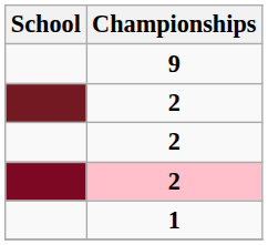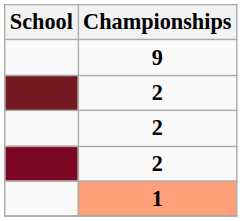 <table class="wikitable sortable" style="text-align:center">
 <tr>
 <th>School</th>
 <th>Championships</th>
 </tr>
 <tr>
 <td><strong><a href='#'></a></strong></td>
 <td><strong>9</strong></td>
 </tr>
 <tr>
 <td style="color:white; background:#731921; "><strong><a href='#'></a></strong></td>
 <td><strong>2</strong></td>
 </tr>
 <tr>
 <td><strong><a href='#'></a></strong></td>
 <td><strong>2</strong></td>
 </tr>
 <tr>
 <td style="color:white; background:#7c0823; "><strong><a href='#'></a></strong></td>
-<td style="background: pink;"><strong>2</strong></td>
+<td><strong>2</strong></td>
 </tr>
 <tr>
 <td><strong><a href='#'></a></strong></td>
-<td><strong>1</strong></td>
+<td style="background: lightsalmon;"><strong>1</strong></td>
 </tr>
 <tr>
 </tr>
 </table>
